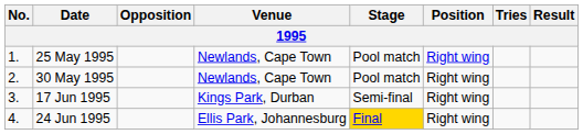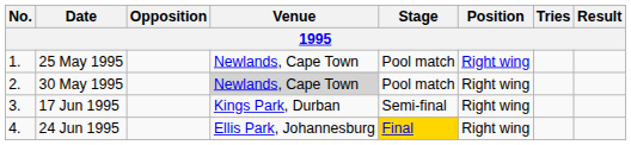 <table class="wikitable unsortable" style="font-size:93%">
 <tr>
 <th>No.</th>
 <th>Date</th>
 <th>Opposition</th>
 <th>Venue</th>
 <th>Stage</th>
 <th>Position</th>
 <th>Tries</th>
 <th>Result</th>
 </tr>
 <tr>
 <th colspan=8><a href='#'>1995</a></th>
 </tr>
 <tr>
 <td>1.</td>
 <td>25 May 1995</td>
 <td></td>
 <td><a href='#'>Newlands</a>, Cape Town</td>
 <td>Pool match</td>
 <td><a href='#'>Right wing</a></td>
 <td></td>
 <td></td>
 </tr>
 <tr right>
 <td>2.</td>
 <td>30 May 1995</td>
 <td></td>
-<td><a href='#'>Newlands</a>, Cape Town</td>
+<td style="background: lightgrey;"><a href='#'>Newlands</a>, Cape Town</td>
 <td>Pool match</td>
 <td>Right wing</td>
 <td></td>
 <td></td>
 </tr>
 <tr>
 <td>3.</td>
 <td>17 Jun 1995</td>
 <td></td>
 <td><a href='#'>Kings Park</a>, Durban</td>
 <td>Semi-final</td>
 <td>Right wing</td>
 <td></td>
 <td></td>
 </tr>
 <tr>
 <td>4.</td>
 <td>24 Jun 1995</td>
 <td></td>
 <td><a href='#'>Ellis Park</a>, Johannesburg</td>
 <td bgcolor=gold><a href='#'>Final</a></td>
 <td>Right wing</td>
 <td></td>
 <td></td>
 </tr>
 </table>
